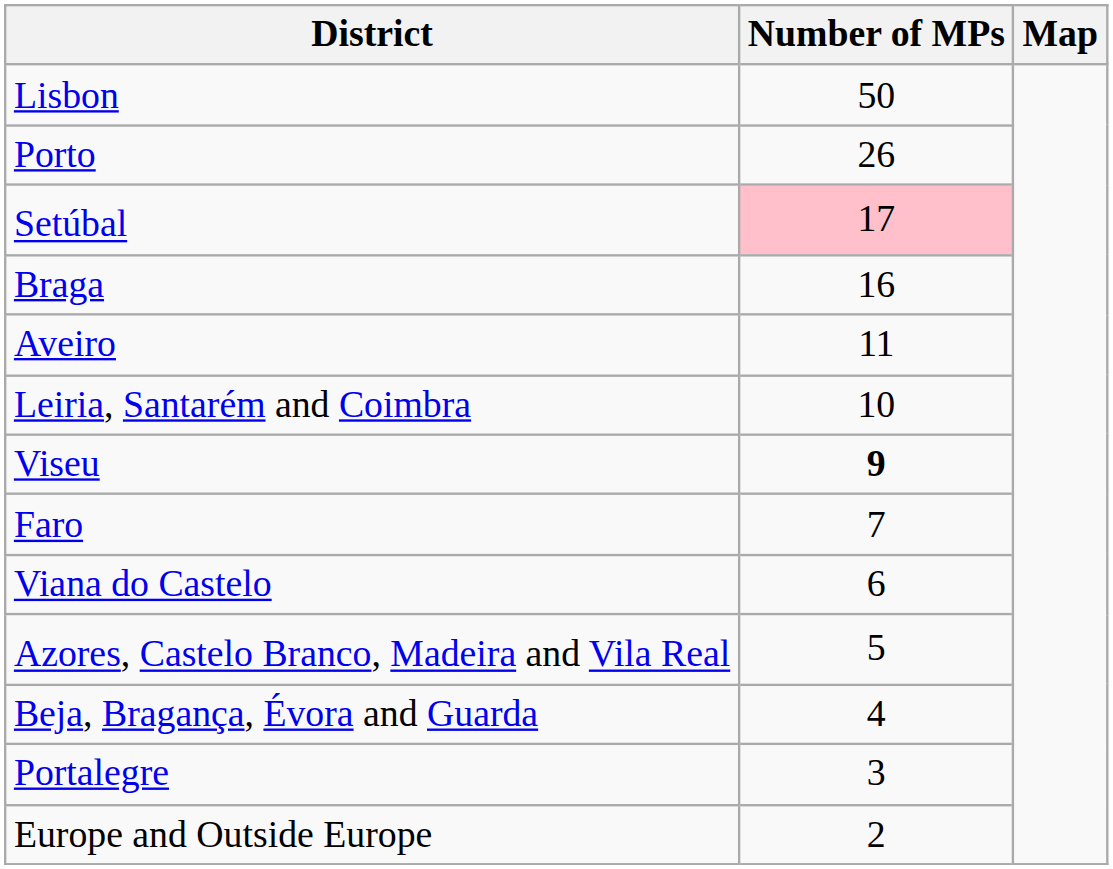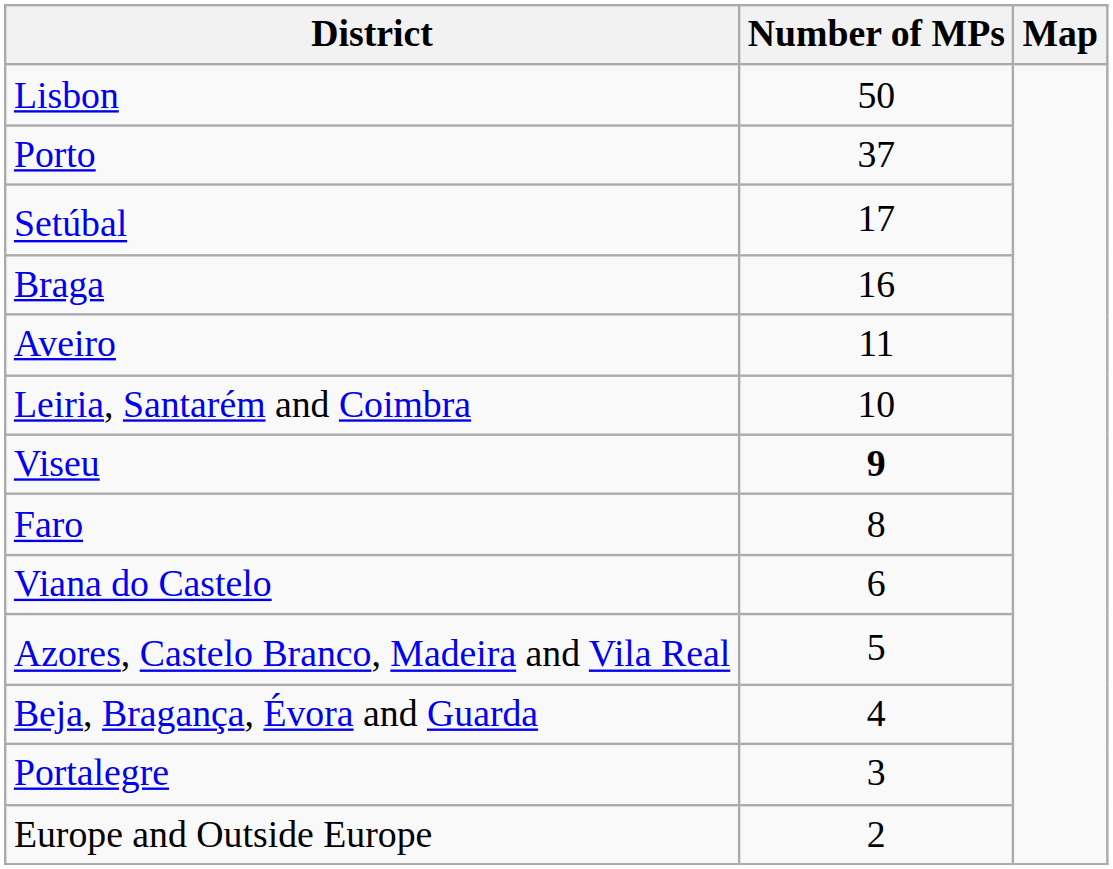 <table class="wikitable">
 <tr>
 <th>District</th>
 <th>Number of MPs</th>
 <th>Map</th>
 </tr>
 <tr>
 <td><a href='#'>Lisbon</a></td>
 <td style="text-align:center;">50</td>
 <td style="text-align:center;" rowspan="13"><br>                      </td>
 </tr>
 <tr>
 <td><a href='#'>Porto</a></td>
-<td style="text-align:center;">26</td>
+<td style="text-align:center;">37</td>
 </tr>
 <tr>
 <td><a href='#'>Setúbal</a><sup></sup></td>
-<td style="background: pink; text-align:center;">17</td>
+<td style="text-align:center;">17</td>
 </tr>
 <tr>
 <td><a href='#'>Braga</a></td>
 <td style="text-align:center;">16</td>
 </tr>
 <tr>
 <td><a href='#'>Aveiro</a></td>
 <td style="text-align:center;">11</td>
 </tr>
 <tr>
 <td><a href='#'>Leiria</a>, <a href='#'>Santarém</a> and <a href='#'>Coimbra</a></td>
 <td style="text-align:center;">10</td>
 </tr>
 <tr>
 <td><a href='#'>Viseu</a></td>
 <td style="text-align:center;"><strong>9</strong></td>
 </tr>
 <tr>
 <td><a href='#'>Faro</a></td>
-<td style="text-align:center;">7</td>
+<td style="text-align:center;">8</td>
 </tr>
 <tr>
 <td><a href='#'>Viana do Castelo</a></td>
 <td style="text-align:center;">6</td>
 </tr>
 <tr>
 <td><a href='#'>Azores</a>, <a href='#'>Castelo Branco</a>, <a href='#'>Madeira</a> and <a href='#'>Vila Real</a><sup></sup></td>
 <td style="text-align:center;">5</td>
 </tr>
 <tr>
 <td><a href='#'>Beja</a>, <a href='#'>Bragança</a>, <a href='#'>Évora</a> and <a href='#'>Guarda</a></td>
 <td style="text-align:center;">4</td>
 </tr>
 <tr>
 <td><a href='#'>Portalegre</a></td>
 <td style="text-align:center;">3</td>
 </tr>
 <tr>
 <td>Europe and Outside Europe</td>
 <td style="text-align:center;">2</td>
 </tr>
 </table>
